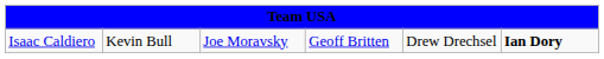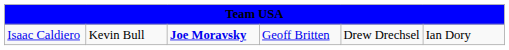 <table class="wikitable" style="width:40%; text-align=center;">
 <tr>
 <th colspan="6" style="background:blue;">Team USA</th>
 </tr>
 <tr>
 <td style="width:10%;"><a href='#'>Isaac Caldiero</a></td>
 <td style="width:10%;">Kevin Bull</td>
-<td style="width:10%;"><a href='#'>Joe Moravsky</a></td>
+<td style="width:10%;"><strong><a href='#'>Joe Moravsky</a></strong></td>
 <td style="width:10%;"><a href='#'>Geoff Britten</a></td>
 <td style="width:10%;">Drew Drechsel</td>
-<td style="width:10%;"><strong>Ian Dory</strong></td>
+<td style="width:10%;">Ian Dory</td>
 </tr>
 </table>
